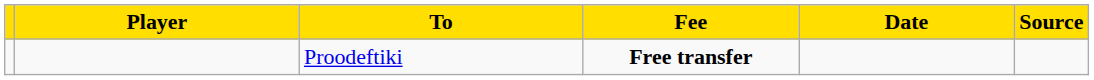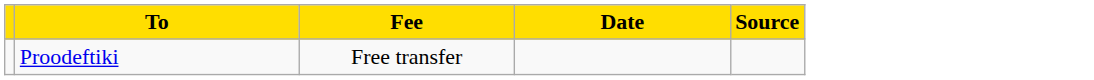 <table class="wikitable sortable">
 <tr>
 <th style="background:#FFDE00"></th>
-<th width=200 style="background:#FFDE00">Player</th>
 <th width=200 style="background:#FFDE00">To</th>
 <th width=150 style="background:#FFDE00">Fee</th>
 <th width=150 style="background:#FFDE00">Date</th>
 <th style="background:#FFDE00">Source</th>
 </tr>
 <tr>
 <td align=center></td>
-<td></td>
 <td> <a href='#'>Proodeftiki</a></td>
-<td align=center><strong>Free transfer</strong></td>
+<td align=center>Free transfer</td>
 <td align=center></td>
 <td align=center></td>
 </tr>
 </table>
